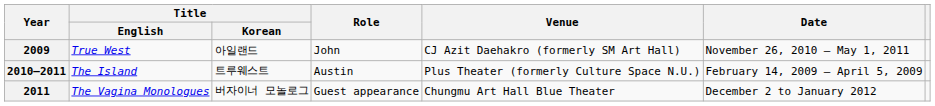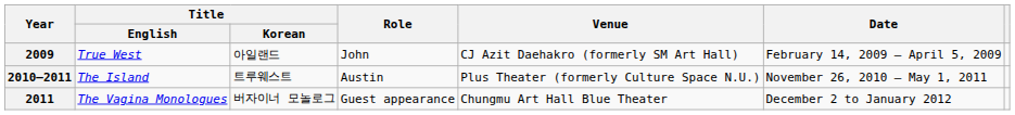 <table class="wikitable sortable plainrowheaders" style="text-align:left; font-size:100%;">
 <tr>
 <th scope="col" rowspan="2">Year</th>
 <th scope="col" colspan="2">Title</th>
 <th scope="col" rowspan="2">Role</th>
 <th scope="col" rowspan="2" class="unsortable">Venue</th>
 <th scope="col" rowspan="2">Date</th>
 <th rowspan="2" scope="col" class="unsortable"></th>
 </tr>
 <tr>
 <th>English</th>
 <th>Korean</th>
 </tr>
 <tr>
 <th scope="row">2009</th>
 <td><em><a href='#'>True West</a></em></td>
 <td>아일랜드</td>
 <td>John</td>
 <td>CJ Azit Daehakro (formerly SM Art Hall)</td>
-<td>November 26, 2010 – May 1, 2011</td>
+<td>February 14, 2009 – April 5, 2009</td>
 <td></td>
 </tr>
 <tr>
 <th scope="row">2010–2011</th>
 <td><em><a href='#'>The Island</a></em></td>
 <td>트루웨스트</td>
 <td>Austin</td>
 <td>Plus Theater (formerly Culture Space N.U.)</td>
-<td>February 14, 2009 – April 5, 2009</td>
+<td>November 26, 2010 – May 1, 2011</td>
 <td></td>
 </tr>
 <tr>
 <th scope="row">2011</th>
 <td><em><a href='#'>The Vagina Monologues</a></em></td>
 <td>버자이너 모놀로그</td>
 <td>Guest appearance</td>
 <td>Chungmu Art Hall Blue Theater</td>
 <td>December 2 to January 2012</td>
 <td></td>
 </tr>
 </table>
